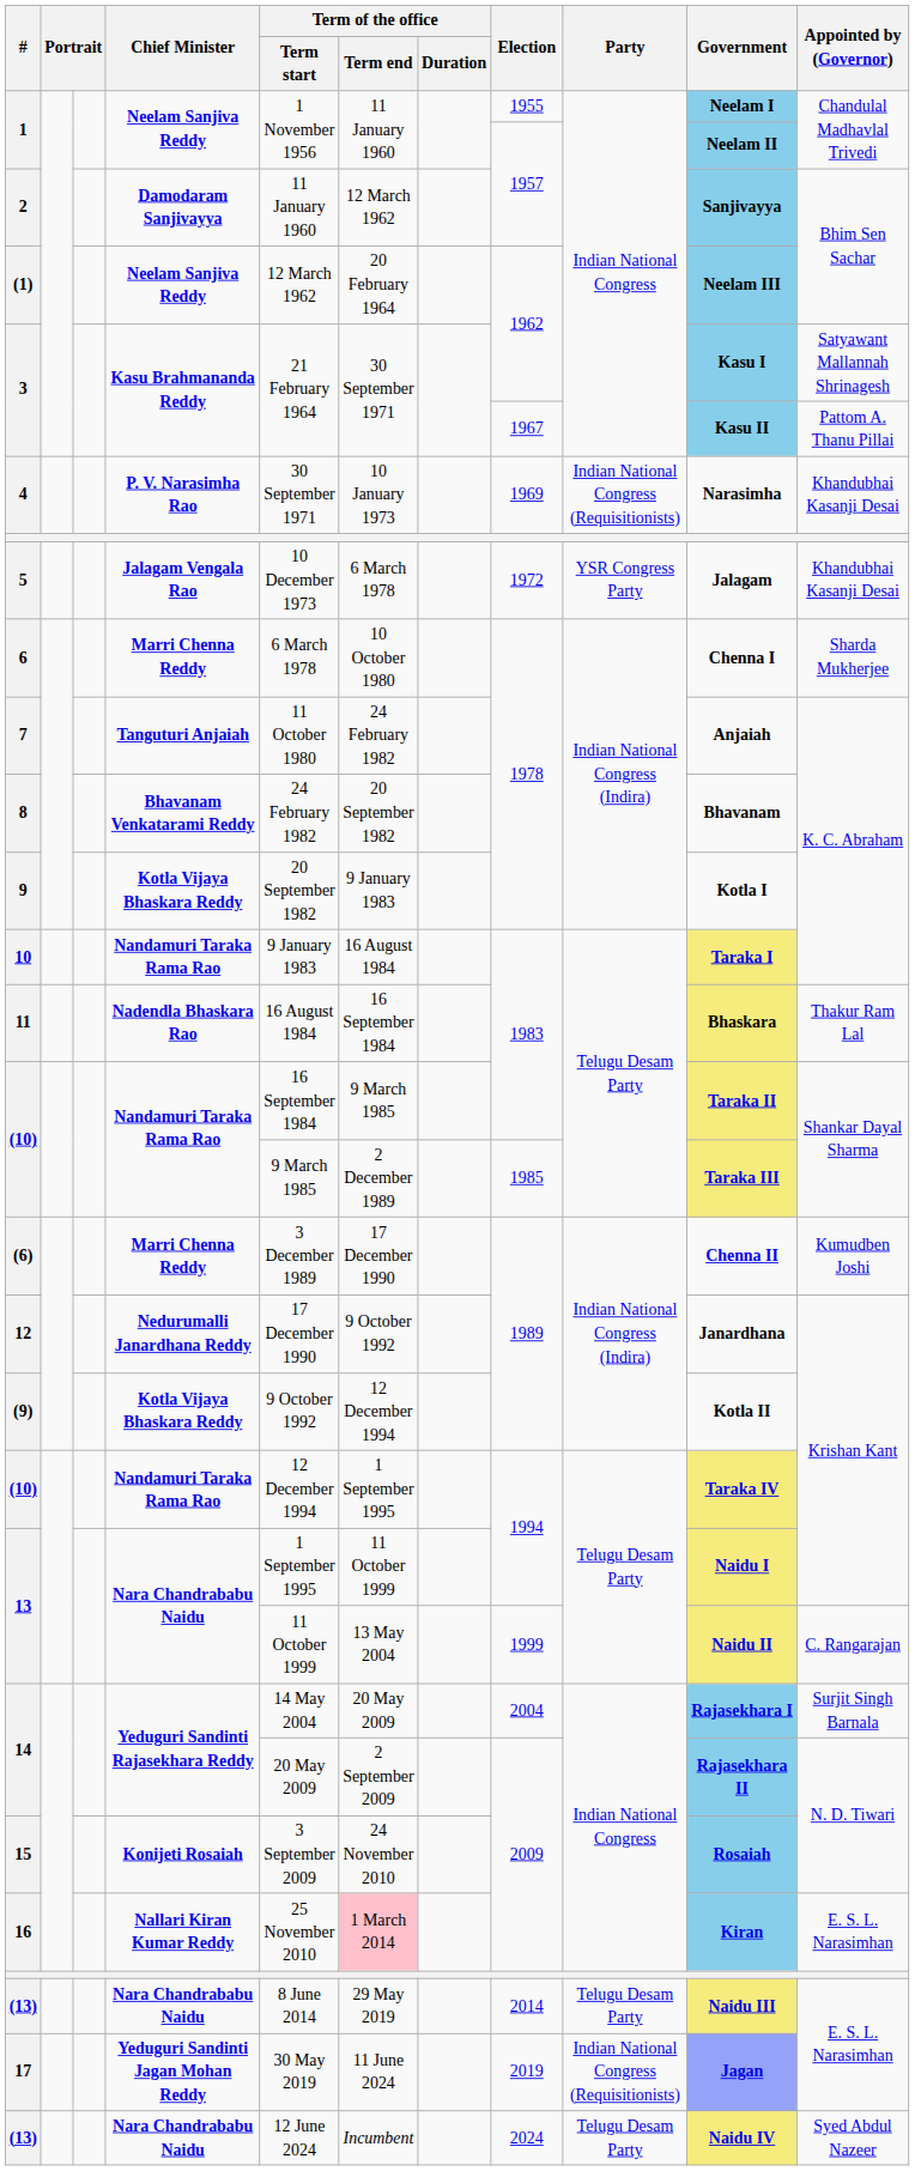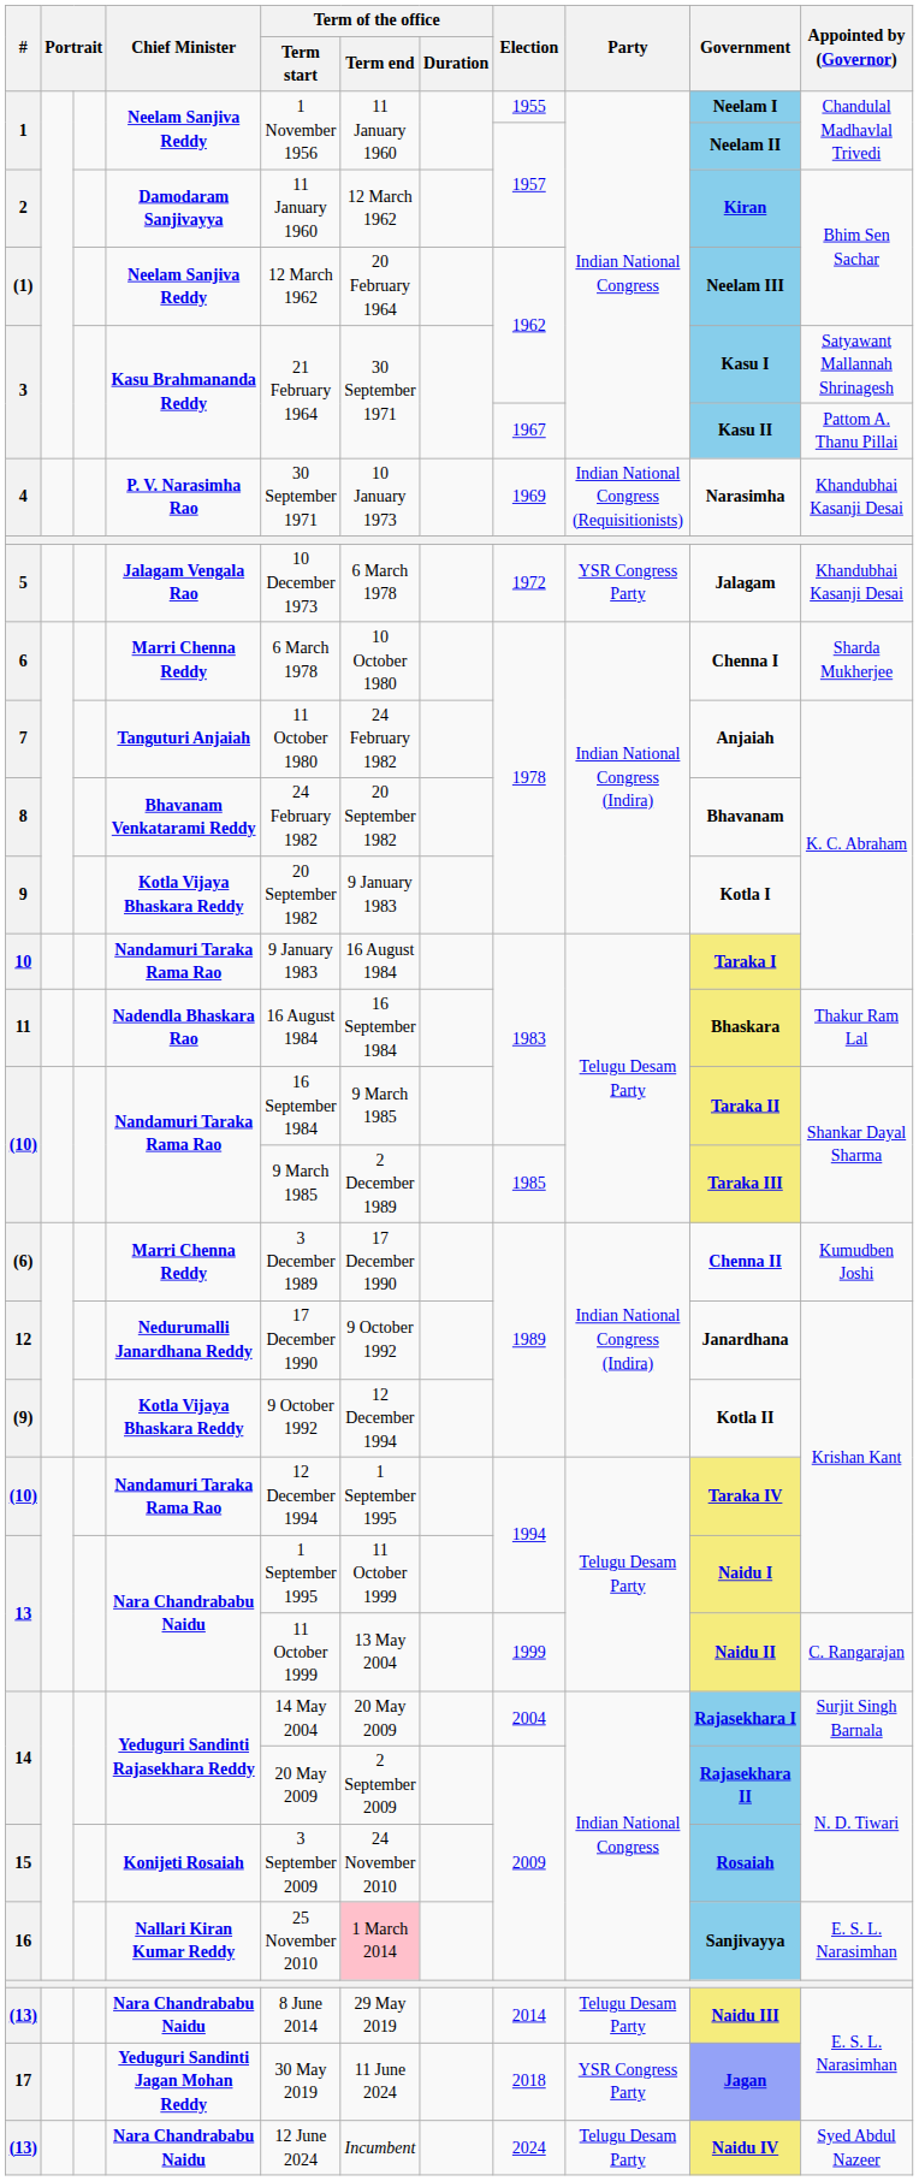 <table class="wikitable" style="line-height:1.4em; text-align:center">
 <tr>
 <th rowspan="2">#</th>
 <th colspan="2" rowspan="2">Portrait</th>
 <th rowspan="2" style="width:16em">Chief Minister<br></th>
 <th colspan="3">Term of the office</th>
 <th rowspan="2" style="width:5em">Election<br></th>
 <th rowspan="2" style="width:8em">Party</th>
 <th rowspan="2" style="width:8em">Government</th>
 <th rowspan="2" style="width:10em">Appointed by<br>(<a href='#'>Governor</a>)</th>
 </tr>
 <tr>
 <th>Term start</th>
 <th>Term end</th>
 <th>Duration</th>
 </tr>
 <tr>
 <th rowspan="2">1</th>
 <td rowspan="6"></td>
 <td rowspan="2"></td>
 <td rowspan="2"><strong><a href='#'>Neelam Sanjiva Reddy</a></strong><br></td>
 <td rowspan="2">1 November 1956</td>
 <td rowspan="2">11 January 1960</td>
 <td rowspan="2"><strong></strong></td>
 <td><a href='#'>1955</a><br></td>
 <td rowspan="6"><a href='#'>Indian National Congress</a></td>
 <td bgcolor="#87CEEB"><strong>Neelam I</strong></td>
 <td rowspan="2"><a href='#'>Chandulal Madhavlal Trivedi</a></td>
 </tr>
 <tr>
 <td rowspan="2"><a href='#'>1957</a><br></td>
 <td bgcolor="#87CEEB"><strong>Neelam II</strong></td>
 </tr>
 <tr>
 <th>2</th>
 <td></td>
 <td><strong><a href='#'>Damodaram Sanjivayya</a></strong><br></td>
 <td>11 January 1960</td>
 <td>12 March 1962</td>
 <td><strong></strong></td>
-<td bgcolor="#87CEEB"><strong>Sanjivayya</strong></td>
+<td bgcolor="#87CEEB"><strong><a href='#'>Kiran</a></strong></td>
 <td rowspan="2"><a href='#'>Bhim Sen Sachar</a></td>
 </tr>
 <tr>
 <th>(1)</th>
 <td></td>
 <td><strong><a href='#'>Neelam Sanjiva Reddy</a></strong><br></td>
 <td>12 March 1962</td>
 <td>20 February 1964</td>
 <td><strong></strong></td>
 <td rowspan="2"><a href='#'>1962</a><br></td>
 <td bgcolor="#87CEEB"><strong>Neelam III</strong></td>
 </tr>
 <tr>
 <th rowspan="2">3</th>
 <td rowspan="2"></td>
 <td rowspan="2"><strong><a href='#'>Kasu Brahmananda Reddy</a></strong><br></td>
 <td rowspan="2">21 February 1964</td>
 <td rowspan="2">30 September 1971</td>
 <td rowspan="2"><strong></strong></td>
 <td bgcolor="#87CEEB"><strong>Kasu I</strong></td>
 <td><a href='#'>Satyawant Mallannah Shrinagesh</a></td>
 </tr>
 <tr>
 <td><a href='#'>1967</a><br></td>
 <td bgcolor="#87CEEB"><strong>Kasu II</strong></td>
 <td><a href='#'>Pattom A. Thanu Pillai</a></td>
 </tr>
 <tr>
 <th>4</th>
 <td></td>
 <td></td>
 <td><strong><a href='#'>P. V. Narasimha Rao</a></strong><br></td>
 <td>30 September 1971</td>
 <td>10 January 1973</td>
 <td><strong></strong></td>
 <td><a href='#'>1969</a><br></td>
 <td><a href='#'>Indian National Congress (Requisitionists)</a></td>
 <td><strong>Narasimha</strong></td>
 <td><a href='#'>Khandubhai Kasanji Desai</a></td>
 </tr>
 <tr>
 <th colspan="11"></th>
 </tr>
 <tr>
 <th>5</th>
 <td></td>
 <td></td>
 <td><strong><a href='#'>Jalagam Vengala Rao</a></strong><br></td>
 <td>10 December 1973</td>
 <td>6 March 1978</td>
 <td><strong></strong></td>
 <td><a href='#'>1972</a><br></td>
 <td><a href='#'>YSR Congress Party</a></td>
 <td><strong>Jalagam</strong></td>
 <td><a href='#'>Khandubhai Kasanji Desai</a></td>
 </tr>
 <tr>
 <th>6</th>
 <td rowspan=4></td>
 <td></td>
 <td><strong><a href='#'>Marri Chenna Reddy</a></strong><br></td>
 <td>6 March 1978</td>
 <td>10 October 1980</td>
 <td><strong></strong></td>
 <td rowspan="4"><a href='#'>1978</a><br></td>
 <td rowspan=4><a href='#'>Indian National Congress (Indira)</a></td>
 <td><strong>Chenna I</strong></td>
 <td><a href='#'>Sharda Mukherjee</a></td>
 </tr>
 <tr>
 <th>7</th>
 <td></td>
 <td><strong><a href='#'>Tanguturi Anjaiah</a></strong><br></td>
 <td>11 October 1980</td>
 <td>24 February 1982</td>
 <td><strong></strong></td>
 <td><strong>Anjaiah</strong></td>
 <td rowspan="4"><a href='#'>K. C. Abraham</a></td>
 </tr>
 <tr>
 <th>8</th>
 <td></td>
 <td><strong><a href='#'>Bhavanam Venkatarami Reddy</a></strong><br></td>
 <td>24 February 1982</td>
 <td>20 September 1982</td>
 <td><strong></strong></td>
 <td><strong>Bhavanam</strong></td>
 </tr>
 <tr>
 <th>9</th>
 <td></td>
 <td><strong><a href='#'>Kotla Vijaya Bhaskara Reddy</a></strong><br></td>
 <td>20 September 1982</td>
 <td>9 January 1983</td>
 <td><strong></strong></td>
 <td><strong>Kotla I</strong></td>
 </tr>
 <tr>
 <th><a href='#'>10</a></th>
 <td></td>
 <td></td>
 <td><strong><a href='#'>Nandamuri Taraka Rama Rao</a></strong><br></td>
 <td>9 January 1983</td>
 <td>16 August 1984</td>
 <td><strong></strong></td>
 <td rowspan="3"><a href='#'>1983</a><br></td>
 <td rowspan="4"><a href='#'>Telugu Desam Party</a></td>
 <td bgcolor="#F5EC7D"><strong><a href='#'>Taraka I</a></strong></td>
 </tr>
 <tr>
 <th>11</th>
 <td></td>
 <td></td>
 <td><strong><a href='#'>Nadendla Bhaskara Rao</a></strong><br></td>
 <td>16 August 1984</td>
 <td>16 September 1984</td>
 <td><strong></strong></td>
 <td bgcolor="#F5EC7D"><strong>Bhaskara</strong></td>
 <td><a href='#'>Thakur Ram Lal</a></td>
 </tr>
 <tr>
 <th rowspan="2"><a href='#'>(10)</a></th>
 <td rowspan="2"></td>
 <td rowspan="2"></td>
 <td rowspan="2"><strong><a href='#'>Nandamuri Taraka Rama Rao</a></strong><br> <br> </td>
 <td>16 September 1984</td>
 <td>9 March 1985</td>
 <td><strong></strong></td>
 <td bgcolor="#F5EC7D"><strong><a href='#'>Taraka II</a></strong></td>
 <td rowspan="2"><a href='#'>Shankar Dayal Sharma</a></td>
 </tr>
 <tr>
 <td>9 March 1985</td>
 <td>2 December 1989</td>
 <td><strong></strong></td>
 <td><a href='#'>1985</a><br></td>
 <td bgcolor="#F5EC7D"><strong><a href='#'>Taraka III</a></strong></td>
 </tr>
 <tr>
 <th>(6)</th>
 <td rowspan="3"></td>
 <td></td>
 <td><strong><a href='#'>Marri Chenna Reddy</a></strong><br></td>
 <td>3 December 1989</td>
 <td>17 December 1990</td>
 <td><strong></strong></td>
 <td rowspan="3"><a href='#'>1989</a><br></td>
 <td rowspan="3"><a href='#'>Indian National Congress (Indira)</a></td>
 <td><strong><a href='#'>Chenna II</a></strong></td>
 <td><a href='#'>Kumudben Joshi</a></td>
 </tr>
 <tr>
 <th>12</th>
 <td></td>
 <td><strong><a href='#'>Nedurumalli Janardhana Reddy</a></strong><br></td>
 <td>17 December 1990</td>
 <td>9 October 1992</td>
 <td><strong></strong></td>
 <td><strong>Janardhana</strong></td>
 <td rowspan="4"><a href='#'>Krishan Kant</a></td>
 </tr>
 <tr>
 <th>(9)</th>
 <td></td>
 <td><strong><a href='#'>Kotla Vijaya Bhaskara Reddy</a></strong><br></td>
 <td>9 October 1992</td>
 <td>12 December 1994</td>
 <td><strong></strong></td>
 <td><strong>Kotla II</strong></td>
 </tr>
 <tr>
 <th><a href='#'>(10)</a></th>
 <td rowspan="3"></td>
 <td></td>
 <td><strong><a href='#'>Nandamuri Taraka Rama Rao</a></strong><br></td>
 <td>12 December 1994</td>
 <td>1 September 1995</td>
 <td><strong></strong></td>
 <td rowspan="2"><a href='#'>1994</a><br></td>
 <td rowspan="3"><a href='#'>Telugu Desam Party</a></td>
 <td bgcolor="#F5EC7D"><strong><a href='#'>Taraka IV</a></strong></td>
 </tr>
 <tr>
 <th rowspan="2"><a href='#'>13</a></th>
 <td rowspan="2"></td>
 <td rowspan="2"><strong><a href='#'>Nara Chandrababu Naidu</a></strong><br></td>
 <td>1 September 1995</td>
 <td>11 October 1999</td>
 <td><strong></strong></td>
 <td bgcolor="#F5EC7D"><strong><a href='#'>Naidu I</a></strong></td>
 </tr>
 <tr>
 <td>11 October 1999</td>
 <td>13 May 2004</td>
 <td><strong></strong></td>
 <td><a href='#'>1999</a><br></td>
 <td bgcolor="#F5EC7D"><strong><a href='#'>Naidu II</a></strong></td>
 <td><a href='#'>C. Rangarajan</a></td>
 </tr>
 <tr>
 <th rowspan="2">14</th>
 <td rowspan="4"></td>
 <td rowspan="2"></td>
 <td rowspan="2"><strong><a href='#'>Yeduguri Sandinti Rajasekhara Reddy</a></strong><br></td>
 <td>14 May 2004</td>
 <td>20 May 2009</td>
 <td><strong></strong></td>
 <td><a href='#'>2004</a><br></td>
 <td rowspan="4"><a href='#'>Indian National Congress</a></td>
 <td bgcolor="#87CEEB"><strong><a href='#'>Rajasekhara I</a></strong></td>
 <td><a href='#'>Surjit Singh Barnala</a></td>
 </tr>
 <tr>
 <td>20 May 2009</td>
 <td>2 September 2009</td>
 <td><strong></strong></td>
 <td rowspan="3"><a href='#'>2009</a><br></td>
 <td bgcolor="#87CEEB"><strong><a href='#'>Rajasekhara II</a></strong></td>
 <td rowspan="2"><a href='#'>N. D. Tiwari</a></td>
 </tr>
 <tr>
 <th>15</th>
 <td></td>
 <td><strong><a href='#'>Konijeti Rosaiah</a></strong><br></td>
 <td>3 September 2009</td>
 <td>24 November 2010</td>
 <td><strong></strong></td>
 <td bgcolor="#87CEEB"><strong><a href='#'>Rosaiah</a></strong></td>
 </tr>
 <tr>
 <th>16</th>
 <td></td>
 <td><strong><a href='#'>Nallari Kiran Kumar Reddy</a></strong><br></td>
 <td>25 November 2010</td>
 <td style="background: pink;">1 March 2014</td>
 <td><strong></strong></td>
-<td bgcolor="#87CEEB"><strong><a href='#'>Kiran</a></strong></td>
+<td bgcolor="#87CEEB"><strong>Sanjivayya</strong></td>
 <td><a href='#'>E. S. L. Narasimhan</a></td>
 </tr>
 <tr>
 <th colspan="11"></th>
 </tr>
 <tr>
 <th><a href='#'>(13)</a></th>
 <td></td>
 <td></td>
 <td><strong><a href='#'>Nara Chandrababu Naidu</a></strong><br></td>
 <td>8 June 2014</td>
 <td>29 May 2019</td>
 <td><strong></strong></td>
 <td><a href='#'>2014</a><br></td>
 <td><a href='#'>Telugu Desam Party</a></td>
 <td bgcolor="#F5EC7D"><strong><a href='#'>Naidu III</a></strong></td>
 <td rowspan="2"><a href='#'>E. S. L. Narasimhan</a></td>
 </tr>
 <tr>
 <th>17</th>
 <td></td>
 <td></td>
 <td><strong><a href='#'>Yeduguri Sandinti Jagan Mohan Reddy</a></strong><br></td>
 <td>30 May 2019</td>
 <td>11 June 2024</td>
 <td><strong></strong></td>
-<td><a href='#'>2019</a><br></td>
-<td><a href='#'>Indian National Congress (Requisitionists)</a></td>
+<td><a href='#'>2018</a><br></td>
+<td><a href='#'>YSR Congress Party</a></td>
 <td bgcolor="#94A2F7"><strong><a href='#'>Jagan</a></strong></td>
 </tr>
 <tr>
 <th><a href='#'>(13)</a></th>
 <td></td>
 <td></td>
 <td><strong><a href='#'>Nara Chandrababu Naidu</a></strong><br></td>
 <td>12 June 2024</td>
 <td><em>Incumbent</em></td>
 <td><strong></strong></td>
 <td><a href='#'>2024</a><br></td>
 <td><a href='#'>Telugu Desam Party</a></td>
 <td bgcolor="#F5EC7D"><strong><a href='#'>Naidu IV</a></strong></td>
 <td rowspan="1"><a href='#'>Syed Abdul Nazeer</a></td>
 </tr>
 </table>
